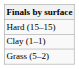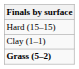 <table class=wikitable style=font-size:90%>
 <tr>
 <th>Finals by surface</th>
 </tr>
 <tr>
 <td>Hard (15–15)</td>
 </tr>
 <tr>
 <td>Clay (1–1)</td>
 </tr>
 <tr>
-<td>Grass (5–2)</td>
+<td><strong>Grass (5–2)</strong></td>
 </tr>
 </table>
